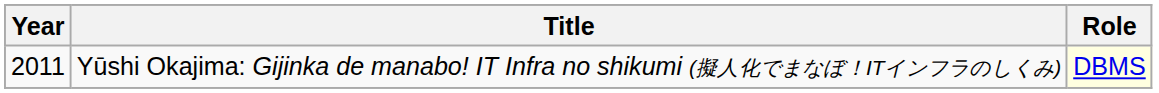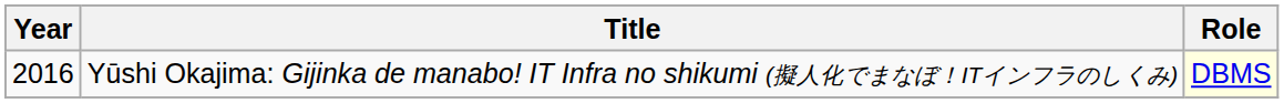 <table class="wikitable" style="font-size:small; margin-right:0px;">
 <tr>
 <th>Year</th>
 <th>Title</th>
 <th>Role</th>
 </tr>
 <tr>
-<td>2011</td>
+<td>2016</td>
 <td>Yūshi Okajima: <em>Gijinka de manabo! IT Infra no shikumi <small>(擬人化でまなぼ！ITインフラのしくみ)</small></em></td>
 <td style="background: lightyellow;"><a href='#'>DBMS</a></td>
 </tr>
 </table>
